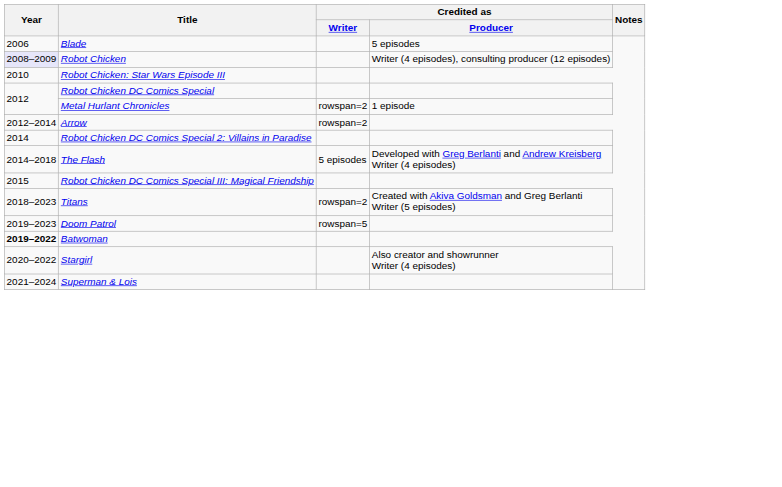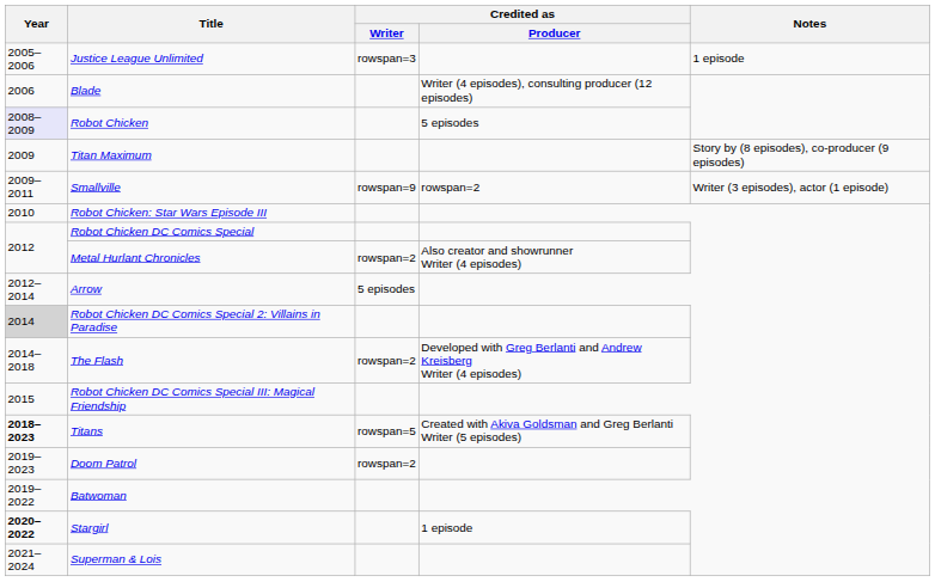 <table class="wikitable">
 <tr>
 <th rowspan=2>Year</th>
 <th rowspan=2>Title</th>
 <th colspan=2>Credited as</th>
 <th rowspan=2>Notes</th>
 </tr>
 <tr>
 <th><a href='#'>Writer</a></th>
 <th><a href='#'>Producer</a></th>
 </tr>
 <tr>
+<td>2005–2006</td>
+<td><em><a href='#'>Justice League Unlimited</a></em></td>
+<td>rowspan=3 </td>
+<td></td>
+<td>1 episode</td>
+</tr>
+<tr>
 <td>2006</td>
 <td><em><a href='#'>Blade</a></em></td>
 <td></td>
-<td>5 episodes</td>
+<td>Writer (4 episodes), consulting producer (12 episodes)</td>
 </tr>
 <tr>
 <td style="background: lavender;">2008–2009</td>
 <td><em><a href='#'>Robot Chicken</a></em></td>
 <td></td>
-<td>Writer (4 episodes), consulting producer (12 episodes)</td>
+<td>5 episodes</td>
+</tr>
+<tr>
+<td>2009</td>
+<td><em><a href='#'>Titan Maximum</a></em></td>
+<td></td>
+<td></td>
+<td>Story by (8 episodes), co-producer (9 episodes)</td>
+</tr>
+<tr>
+<td>2009–2011</td>
+<td><em><a href='#'>Smallville</a></em></td>
+<td>rowspan=9 </td>
+<td>rowspan=2 </td>
+<td>Writer (3 episodes), actor (1 episode)</td>
 </tr>
 <tr>
 <td>2010</td>
 <td><em><a href='#'>Robot Chicken: Star Wars Episode III</a></em></td>
 <td></td>
 </tr>
 <tr>
 <td rowspan=2>2012</td>
 <td><em><a href='#'>Robot Chicken DC Comics Special</a></em></td>
 <td></td>
 <td></td>
 </tr>
 <tr>
 <td><em><a href='#'>Metal Hurlant Chronicles</a></em></td>
 <td>rowspan=2 </td>
-<td>1 episode</td>
+<td>Also creator and showrunner<br>Writer (4 episodes)</td>
 </tr>
 <tr>
 <td>2012–2014</td>
 <td><em><a href='#'>Arrow</a></em></td>
-<td>rowspan=2 </td>
+<td>5 episodes</td>
 </tr>
 <tr>
-<td>2014</td>
+<td style="background: lightgrey;">2014</td>
 <td><em><a href='#'>Robot Chicken DC Comics Special 2: Villains in Paradise</a></em></td>
 <td></td>
 <td></td>
 </tr>
 <tr>
 <td>2014–2018</td>
 <td><em><a href='#'>The Flash</a></em></td>
-<td>5 episodes</td>
+<td>rowspan=2 </td>
 <td>Developed with <a href='#'>Greg Berlanti</a> and <a href='#'>Andrew Kreisberg</a><br>Writer (4 episodes)</td>
 </tr>
 <tr>
 <td>2015</td>
 <td><em><a href='#'>Robot Chicken DC Comics Special III: Magical Friendship</a></em></td>
 <td></td>
 </tr>
 <tr>
-<td>2018–2023</td>
+<td><strong>2018–2023</strong></td>
 <td><em><a href='#'>Titans</a></em></td>
-<td>rowspan=2 </td>
+<td>rowspan=5 </td>
 <td>Created with <a href='#'>Akiva Goldsman</a> and Greg Berlanti<br>Writer (5 episodes)</td>
 </tr>
 <tr>
 <td>2019–2023</td>
 <td><em><a href='#'>Doom Patrol</a></em></td>
-<td>rowspan=5 </td>
+<td>rowspan=2 </td>
 <td></td>
 </tr>
 <tr>
-<td><strong>2019–2022</strong></td>
+<td>2019–2022</td>
 <td><em><a href='#'>Batwoman</a></em></td>
 <td></td>
 </tr>
 <tr>
-<td>2020–2022</td>
+<td><strong>2020–2022</strong></td>
 <td><em><a href='#'>Stargirl</a></em></td>
 <td></td>
-<td>Also creator and showrunner<br>Writer (4 episodes)</td>
+<td>1 episode</td>
 </tr>
 <tr>
 <td>2021–2024</td>
 <td><em><a href='#'>Superman & Lois</a></em></td>
 <td></td>
 <td></td>
 </tr>
 </table>
